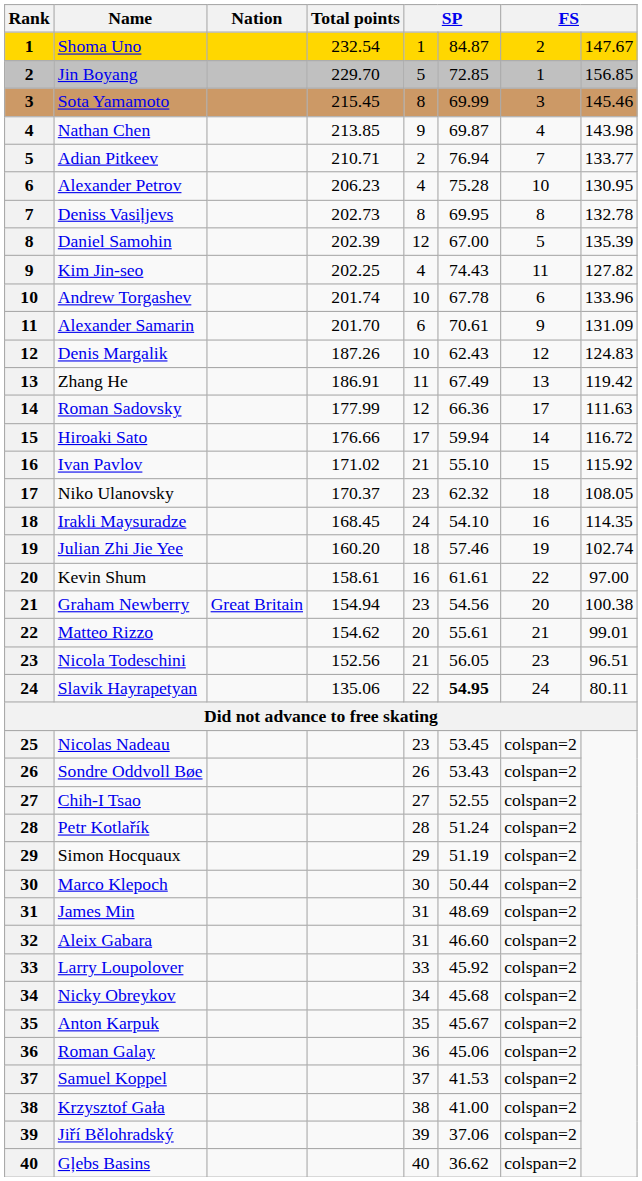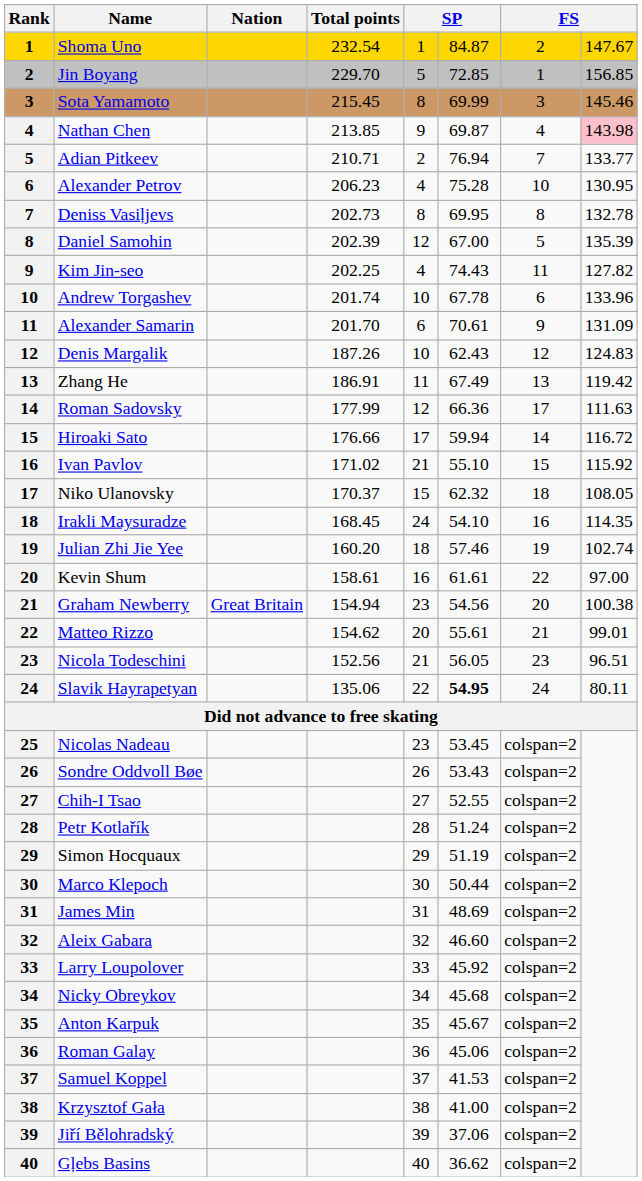 <table class="wikitable sortable">
 <tr>
 <th>Rank</th>
 <th>Name</th>
 <th>Nation</th>
 <th>Total points</th>
 <th colspan="2" width="80px"><a href='#'>SP</a></th>
 <th colspan="2" width="80px"><a href='#'>FS</a></th>
 </tr>
 <tr bgcolor="gold">
 <td align="center"><strong>1</strong></td>
 <td><a href='#'>Shoma Uno</a></td>
 <td></td>
 <td align="center">232.54</td>
 <td align="center">1</td>
 <td align="center">84.87</td>
 <td align="center">2</td>
 <td align="center">147.67</td>
 </tr>
 <tr bgcolor="silver">
 <td align="center"><strong>2</strong></td>
 <td><a href='#'>Jin Boyang</a></td>
 <td></td>
 <td align="center">229.70</td>
 <td align="center">5</td>
 <td align="center">72.85</td>
 <td align="center">1</td>
 <td align="center">156.85</td>
 </tr>
 <tr bgcolor="cc9966">
 <td align="center"><strong>3</strong></td>
 <td><a href='#'>Sota Yamamoto</a></td>
 <td></td>
 <td align="center">215.45</td>
 <td align="center">8</td>
 <td align="center">69.99</td>
 <td align="center">3</td>
 <td align="center">145.46</td>
 </tr>
 <tr>
 <th>4</th>
 <td><a href='#'>Nathan Chen</a></td>
 <td></td>
 <td align="center">213.85</td>
 <td align="center">9</td>
 <td align="center">69.87</td>
 <td align="center">4</td>
-<td align="center">143.98</td>
+<td align="center" style="background: pink;">143.98</td>
 </tr>
 <tr>
 <th>5</th>
 <td><a href='#'>Adian Pitkeev</a></td>
 <td></td>
 <td align="center">210.71</td>
 <td align="center">2</td>
 <td align="center">76.94</td>
 <td align="center">7</td>
 <td align="center">133.77</td>
 </tr>
 <tr>
 <th>6</th>
 <td><a href='#'>Alexander Petrov</a></td>
 <td></td>
 <td align="center">206.23</td>
 <td align="center">4</td>
 <td align="center">75.28</td>
 <td align="center">10</td>
 <td align="center">130.95</td>
 </tr>
 <tr>
 <th>7</th>
 <td><a href='#'>Deniss Vasiļjevs</a></td>
 <td></td>
 <td align="center">202.73</td>
 <td align="center">8</td>
 <td align="center">69.95</td>
 <td align="center">8</td>
 <td align="center">132.78</td>
 </tr>
 <tr>
 <th>8</th>
 <td><a href='#'>Daniel Samohin</a></td>
 <td></td>
 <td align="center">202.39</td>
 <td align="center">12</td>
 <td align="center">67.00</td>
 <td align="center">5</td>
 <td align="center">135.39</td>
 </tr>
 <tr>
 <th>9</th>
 <td><a href='#'>Kim Jin-seo</a></td>
 <td></td>
 <td align="center">202.25</td>
 <td align="center">4</td>
 <td align="center">74.43</td>
 <td align="center">11</td>
 <td align="center">127.82</td>
 </tr>
 <tr>
 <th>10</th>
 <td><a href='#'>Andrew Torgashev</a></td>
 <td></td>
 <td align="center">201.74</td>
 <td align="center">10</td>
 <td align="center">67.78</td>
 <td align="center">6</td>
 <td align="center">133.96</td>
 </tr>
 <tr>
 <th>11</th>
 <td><a href='#'>Alexander Samarin</a></td>
 <td></td>
 <td align="center">201.70</td>
 <td align="center">6</td>
 <td align="center">70.61</td>
 <td align="center">9</td>
 <td align="center">131.09</td>
 </tr>
 <tr>
 <th>12</th>
 <td><a href='#'>Denis Margalik</a></td>
 <td></td>
 <td align="center">187.26</td>
 <td align="center">10</td>
 <td align="center">62.43</td>
 <td align="center">12</td>
 <td align="center">124.83</td>
 </tr>
 <tr>
 <th>13</th>
 <td>Zhang He</td>
 <td></td>
 <td align="center">186.91</td>
 <td align="center">11</td>
 <td align="center">67.49</td>
 <td align="center">13</td>
 <td align="center">119.42</td>
 </tr>
 <tr>
 <th>14</th>
 <td><a href='#'>Roman Sadovsky</a></td>
 <td></td>
 <td align="center">177.99</td>
 <td align="center">12</td>
 <td align="center">66.36</td>
 <td align="center">17</td>
 <td align="center">111.63</td>
 </tr>
 <tr>
 <th>15</th>
 <td><a href='#'>Hiroaki Sato</a></td>
 <td></td>
 <td align="center">176.66</td>
 <td align="center">17</td>
 <td align="center">59.94</td>
 <td align="center">14</td>
 <td align="center">116.72</td>
 </tr>
 <tr>
 <th>16</th>
 <td><a href='#'>Ivan Pavlov</a></td>
 <td></td>
 <td align="center">171.02</td>
 <td align="center">21</td>
 <td align="center">55.10</td>
 <td align="center">15</td>
 <td align="center">115.92</td>
 </tr>
 <tr>
 <th>17</th>
 <td>Niko Ulanovsky</td>
 <td></td>
 <td align="center">170.37</td>
-<td align="center">23</td>
+<td align="center">15</td>
 <td align="center">62.32</td>
 <td align="center">18</td>
 <td align="center">108.05</td>
 </tr>
 <tr>
 <th>18</th>
 <td><a href='#'>Irakli Maysuradze</a></td>
 <td></td>
 <td align="center">168.45</td>
 <td align="center">24</td>
 <td align="center">54.10</td>
 <td align="center">16</td>
 <td align="center">114.35</td>
 </tr>
 <tr>
 <th>19</th>
 <td><a href='#'>Julian Zhi Jie Yee</a></td>
 <td></td>
 <td align="center">160.20</td>
 <td align="center">18</td>
 <td align="center">57.46</td>
 <td align="center">19</td>
 <td align="center">102.74</td>
 </tr>
 <tr>
 <th>20</th>
 <td>Kevin Shum</td>
 <td></td>
 <td align="center">158.61</td>
 <td align="center">16</td>
 <td align="center">61.61</td>
 <td align="center">22</td>
 <td align="center">97.00</td>
 </tr>
 <tr>
 <th>21</th>
 <td><a href='#'>Graham Newberry</a></td>
 <td> <a href='#'>Great Britain</a></td>
 <td align="center">154.94</td>
 <td align="center">23</td>
 <td align="center">54.56</td>
 <td align="center">20</td>
 <td align="center">100.38</td>
 </tr>
 <tr>
 <th>22</th>
 <td><a href='#'>Matteo Rizzo</a></td>
 <td></td>
 <td align="center">154.62</td>
 <td align="center">20</td>
 <td align="center">55.61</td>
 <td align="center">21</td>
 <td align="center">99.01</td>
 </tr>
 <tr>
 <th>23</th>
 <td><a href='#'>Nicola Todeschini</a></td>
 <td></td>
 <td align="center">152.56</td>
 <td align="center">21</td>
 <td align="center">56.05</td>
 <td align="center">23</td>
 <td align="center">96.51</td>
 </tr>
 <tr>
 <th>24</th>
 <td><a href='#'>Slavik Hayrapetyan</a></td>
 <td></td>
 <td align="center">135.06</td>
 <td align="center">22</td>
 <td align="center"><strong>54.95</strong></td>
 <td align="center">24</td>
 <td align="center">80.11</td>
 </tr>
 <tr>
 <th colspan=10>Did not advance to free skating</th>
 </tr>
 <tr>
 <th>25</th>
 <td><a href='#'>Nicolas Nadeau</a></td>
 <td></td>
 <td align="center"></td>
 <td align="center">23</td>
 <td align="center">53.45</td>
 <td>colspan=2 </td>
 </tr>
 <tr>
 <th>26</th>
 <td><a href='#'>Sondre Oddvoll Bøe</a></td>
 <td></td>
 <td align="center"></td>
 <td align="center">26</td>
 <td align="center">53.43</td>
 <td>colspan=2 </td>
 </tr>
 <tr>
 <th>27</th>
 <td><a href='#'>Chih-I Tsao</a></td>
 <td></td>
 <td align="center"></td>
 <td align="center">27</td>
 <td align="center">52.55</td>
 <td>colspan=2 </td>
 </tr>
 <tr>
 <th>28</th>
 <td><a href='#'>Petr Kotlařík</a></td>
 <td></td>
 <td align="center"></td>
 <td align="center">28</td>
 <td align="center">51.24</td>
 <td>colspan=2 </td>
 </tr>
 <tr>
 <th>29</th>
 <td>Simon Hocquaux</td>
 <td></td>
 <td align="center"></td>
 <td align="center">29</td>
 <td align="center">51.19</td>
 <td>colspan=2 </td>
 </tr>
 <tr>
 <th>30</th>
 <td><a href='#'>Marco Klepoch</a></td>
 <td></td>
 <td align="center"></td>
 <td align="center">30</td>
 <td align="center">50.44</td>
 <td>colspan=2 </td>
 </tr>
 <tr>
 <th>31</th>
 <td><a href='#'>James Min</a></td>
 <td></td>
 <td align="center"></td>
 <td align="center">31</td>
 <td align="center">48.69</td>
 <td>colspan=2 </td>
 </tr>
 <tr>
 <th>32</th>
 <td><a href='#'>Aleix Gabara</a></td>
 <td></td>
 <td align="center"></td>
-<td align="center">31</td>
+<td align="center">32</td>
 <td align="center">46.60</td>
 <td>colspan=2 </td>
 </tr>
 <tr>
 <th>33</th>
 <td><a href='#'>Larry Loupolover</a></td>
 <td></td>
 <td align="center"></td>
 <td align="center">33</td>
 <td align="center">45.92</td>
 <td>colspan=2 </td>
 </tr>
 <tr>
 <th>34</th>
 <td><a href='#'>Nicky Obreykov</a></td>
 <td></td>
 <td align="center"></td>
 <td align="center">34</td>
 <td align="center">45.68</td>
 <td>colspan=2 </td>
 </tr>
 <tr>
 <th>35</th>
 <td><a href='#'>Anton Karpuk</a></td>
 <td></td>
 <td align="center"></td>
 <td align="center">35</td>
 <td align="center">45.67</td>
 <td>colspan=2 </td>
 </tr>
 <tr>
 <th>36</th>
 <td><a href='#'>Roman Galay</a></td>
 <td></td>
 <td align="center"></td>
 <td align="center">36</td>
 <td align="center">45.06</td>
 <td>colspan=2 </td>
 </tr>
 <tr>
 <th>37</th>
 <td><a href='#'>Samuel Koppel</a></td>
 <td></td>
 <td align="center"></td>
 <td align="center">37</td>
 <td align="center">41.53</td>
 <td>colspan=2 </td>
 </tr>
 <tr>
 <th>38</th>
 <td><a href='#'>Krzysztof Gała</a></td>
 <td></td>
 <td align="center"></td>
 <td align="center">38</td>
 <td align="center">41.00</td>
 <td>colspan=2 </td>
 </tr>
 <tr>
 <th>39</th>
 <td><a href='#'>Jiří Bělohradský</a></td>
 <td></td>
 <td align="center"></td>
 <td align="center">39</td>
 <td align="center">37.06</td>
 <td>colspan=2 </td>
 </tr>
 <tr>
 <th>40</th>
 <td><a href='#'>Gļebs Basins</a></td>
 <td></td>
 <td align="center"></td>
 <td align="center">40</td>
 <td align="center">36.62</td>
 <td>colspan=2 </td>
 </tr>
 </table>
